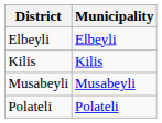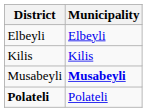 <table class="sortable wikitable">
 <tr>
 <th>District</th>
 <th>Municipality</th>
 </tr>
 <tr>
 <td>Elbeyli</td>
 <td><a href='#'>Elbeyli</a></td>
 </tr>
 <tr>
 <td>Kilis</td>
 <td><a href='#'>Kilis</a></td>
 </tr>
 <tr>
 <td>Musabeyli</td>
-<td><a href='#'>Musabeyli</a></td>
+<td><strong><a href='#'>Musabeyli</a></strong></td>
 </tr>
 <tr>
-<td>Polateli</td>
+<td><strong>Polateli</strong></td>
 <td><a href='#'>Polateli</a></td>
 </tr>
 </table>
